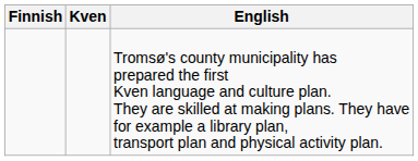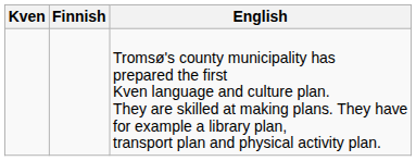 <table class="wikitable">
 <tr>
+<th>Kven</th>
 <th>Finnish</th>
-<th>Kven</th>
 <th>English</th>
 </tr>
 <tr>
 <td></td>
 <td></td>
 <td><br>Tromsø's county municipality has<br>prepared the first<br>Kven language and culture plan.<br>They are skilled at making plans. They have<br>for example a library plan,<br>transport plan and physical activity plan.</td>
 </tr>
 </table>
